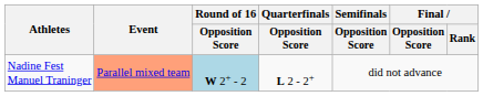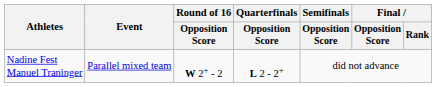 <table class="wikitable" style="font-size:90%">
 <tr>
 <th rowspan="2">Athletes</th>
 <th rowspan="2">Event</th>
 <th>Round of 16</th>
 <th>Quarterfinals</th>
 <th>Semifinals</th>
 <th colspan="2">Final / </th>
 </tr>
 <tr style="font-size:95%">
 <th>Opposition<br>Score</th>
 <th>Opposition<br>Score</th>
 <th>Opposition<br>Score</th>
 <th>Opposition<br>Score</th>
 <th>Rank</th>
 </tr>
 <tr align=center>
 <td align=left><a href='#'>Nadine Fest</a><br><a href='#'>Manuel Traninger</a></td>
-<td align=left style="background: lightsalmon;"><a href='#'>Parallel mixed team</a></td>
-<td style="background: lightblue;"><br><strong>W</strong> 2<sup>+</sup> - 2</td>
+<td align=left><a href='#'>Parallel mixed team</a></td>
+<td><br><strong>W</strong> 2<sup>+</sup> - 2</td>
 <td><br><strong>L</strong> 2 - 2<sup>+</sup></td>
 <td colspan=3>did not advance</td>
 </tr>
 </table>
